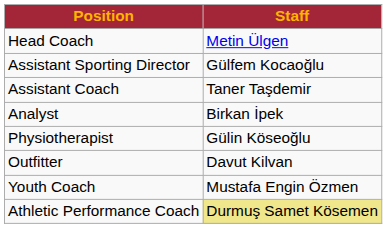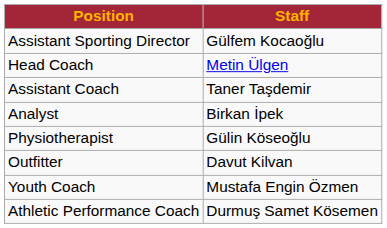 <table class="wikitable plainrowheaders sortable">
 <tr>
 <th style="background:#A32638; color:#FFB300; ">Position</th>
 <th style="background:#A32638; color:#FFB300; ">Staff</th>
 </tr>
 <tr>
+<td>Assistant Sporting Director</td>
+<td align=left> Gülfem Kocaoğlu</td>
+</tr>
+<tr>
 <td>Head Coach</td>
 <td align=left> <a href='#'>Metin Ülgen</a></td>
-</tr>
-<tr>
-<td>Assistant Sporting Director</td>
-<td align=left> Gülfem Kocaoğlu</td>
 </tr>
 <tr>
 <td>Assistant Coach</td>
 <td align=left> Taner Taşdemir</td>
 </tr>
 <tr>
 <td>Analyst</td>
 <td align=left> Birkan İpek</td>
 </tr>
 <tr>
 <td>Physiotherapist</td>
 <td align=left> Gülin Köseoğlu</td>
 </tr>
 <tr>
 <td>Outfitter</td>
 <td align=left> Davut Kilvan</td>
 </tr>
 <tr>
 <td>Youth Coach</td>
 <td align=left> Mustafa Engin Özmen</td>
 </tr>
 <tr>
 <td>Athletic Performance Coach</td>
-<td align=left style="background: khaki;"> Durmuş Samet Kösemen</td>
+<td align=left> Durmuş Samet Kösemen</td>
 </tr>
 </table>
